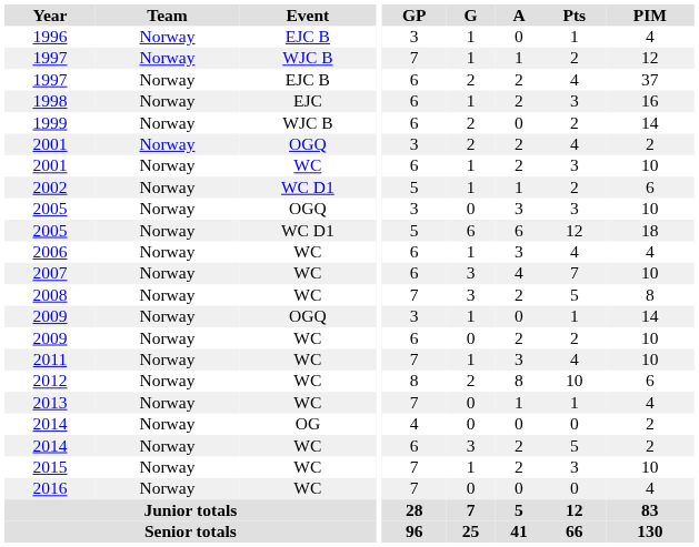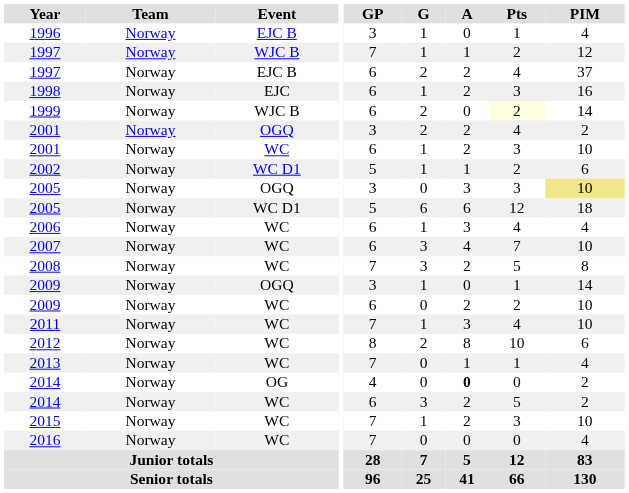 <table border="0" cellpadding="1" cellspacing="0" ID="Table3" style="text-align:center; width:40em">
 <tr ALIGN="center" bgcolor="#e0e0e0">
 <th>Year</th>
 <th>Team</th>
 <th>Event</th>
 <th rowspan="102" bgcolor="#ffffff"></th>
 <th>GP</th>
 <th>G</th>
 <th>A</th>
 <th>Pts</th>
 <th>PIM</th>
 </tr>
 <tr>
 <td><a href='#'>1996</a></td>
 <td><a href='#'>Norway</a></td>
 <td><a href='#'>EJC B</a></td>
 <td>3</td>
 <td>1</td>
 <td>0</td>
 <td>1</td>
 <td>4</td>
 </tr>
 <tr bgcolor="#f0f0f0">
 <td><a href='#'>1997</a></td>
 <td><a href='#'>Norway</a></td>
 <td><a href='#'>WJC B</a></td>
 <td>7</td>
 <td>1</td>
 <td>1</td>
 <td>2</td>
 <td>12</td>
 </tr>
 <tr>
 <td><a href='#'>1997</a></td>
 <td>Norway</td>
 <td>EJC B</td>
 <td>6</td>
 <td>2</td>
 <td>2</td>
 <td>4</td>
 <td>37</td>
 </tr>
 <tr bgcolor="#f0f0f0">
 <td><a href='#'>1998</a></td>
 <td>Norway</td>
 <td>EJC</td>
 <td>6</td>
 <td>1</td>
 <td>2</td>
 <td>3</td>
 <td>16</td>
 </tr>
 <tr>
 <td><a href='#'>1999</a></td>
 <td>Norway</td>
 <td>WJC B</td>
 <td>6</td>
 <td>2</td>
 <td>0</td>
-<td>2</td>
+<td style="background: lightyellow;">2</td>
 <td>14</td>
 </tr>
 <tr bgcolor="#f0f0f0">
 <td><a href='#'>2001</a></td>
 <td><a href='#'>Norway</a></td>
 <td><a href='#'>OGQ</a></td>
 <td>3</td>
 <td>2</td>
 <td>2</td>
 <td>4</td>
 <td>2</td>
 </tr>
 <tr>
 <td><a href='#'>2001</a></td>
 <td>Norway</td>
 <td><a href='#'>WC</a></td>
 <td>6</td>
 <td>1</td>
 <td>2</td>
 <td>3</td>
 <td>10</td>
 </tr>
 <tr bgcolor="#f0f0f0">
 <td><a href='#'>2002</a></td>
 <td>Norway</td>
 <td><a href='#'>WC D1</a></td>
 <td>5</td>
 <td>1</td>
 <td>1</td>
 <td>2</td>
 <td>6</td>
 </tr>
 <tr>
 <td><a href='#'>2005</a></td>
 <td>Norway</td>
 <td>OGQ</td>
 <td>3</td>
 <td>0</td>
 <td>3</td>
 <td>3</td>
-<td>10</td>
+<td style="background: khaki;">10</td>
 </tr>
 <tr bgcolor="#f0f0f0">
 <td><a href='#'>2005</a></td>
 <td>Norway</td>
 <td>WC D1</td>
 <td>5</td>
 <td>6</td>
 <td>6</td>
 <td>12</td>
 <td>18</td>
 </tr>
 <tr>
 <td><a href='#'>2006</a></td>
 <td>Norway</td>
 <td>WC</td>
 <td>6</td>
 <td>1</td>
 <td>3</td>
 <td>4</td>
 <td>4</td>
 </tr>
 <tr bgcolor="#f0f0f0">
 <td><a href='#'>2007</a></td>
 <td>Norway</td>
 <td>WC</td>
 <td>6</td>
 <td>3</td>
 <td>4</td>
 <td>7</td>
 <td>10</td>
 </tr>
 <tr>
 <td><a href='#'>2008</a></td>
 <td>Norway</td>
 <td>WC</td>
 <td>7</td>
 <td>3</td>
 <td>2</td>
 <td>5</td>
 <td>8</td>
 </tr>
 <tr bgcolor="#f0f0f0">
 <td><a href='#'>2009</a></td>
 <td>Norway</td>
 <td>OGQ</td>
 <td>3</td>
 <td>1</td>
 <td>0</td>
 <td>1</td>
 <td>14</td>
 </tr>
 <tr>
 <td><a href='#'>2009</a></td>
 <td>Norway</td>
 <td>WC</td>
 <td>6</td>
 <td>0</td>
 <td>2</td>
 <td>2</td>
 <td>10</td>
 </tr>
 <tr bgcolor="#f0f0f0">
 <td><a href='#'>2011</a></td>
 <td>Norway</td>
 <td>WC</td>
 <td>7</td>
 <td>1</td>
 <td>3</td>
 <td>4</td>
 <td>10</td>
 </tr>
 <tr>
 <td><a href='#'>2012</a></td>
 <td>Norway</td>
 <td>WC</td>
 <td>8</td>
 <td>2</td>
 <td>8</td>
 <td>10</td>
 <td>6</td>
 </tr>
 <tr bgcolor="#f0f0f0">
 <td><a href='#'>2013</a></td>
 <td>Norway</td>
 <td>WC</td>
 <td>7</td>
 <td>0</td>
 <td>1</td>
 <td>1</td>
 <td>4</td>
 </tr>
 <tr>
 <td><a href='#'>2014</a></td>
 <td>Norway</td>
 <td>OG</td>
 <td>4</td>
 <td>0</td>
-<td>0</td>
+<td><strong>0</strong></td>
 <td>0</td>
 <td>2</td>
 </tr>
 <tr bgcolor="#f0f0f0">
 <td><a href='#'>2014</a></td>
 <td>Norway</td>
 <td>WC</td>
 <td>6</td>
 <td>3</td>
 <td>2</td>
 <td>5</td>
 <td>2</td>
 </tr>
 <tr>
 <td><a href='#'>2015</a></td>
 <td>Norway</td>
 <td>WC</td>
 <td>7</td>
 <td>1</td>
 <td>2</td>
 <td>3</td>
 <td>10</td>
 </tr>
 <tr bgcolor="#f0f0f0">
 <td><a href='#'>2016</a></td>
 <td>Norway</td>
 <td>WC</td>
 <td>7</td>
 <td>0</td>
 <td>0</td>
 <td>0</td>
 <td>4</td>
 </tr>
 <tr bgcolor="#e0e0e0">
 <th colspan=3>Junior totals</th>
 <th>28</th>
 <th>7</th>
 <th>5</th>
 <th>12</th>
 <th>83</th>
 </tr>
 <tr bgcolor="#e0e0e0">
 <th colspan=3>Senior totals</th>
 <th>96</th>
 <th>25</th>
 <th>41</th>
 <th>66</th>
 <th>130</th>
 </tr>
 </table>
